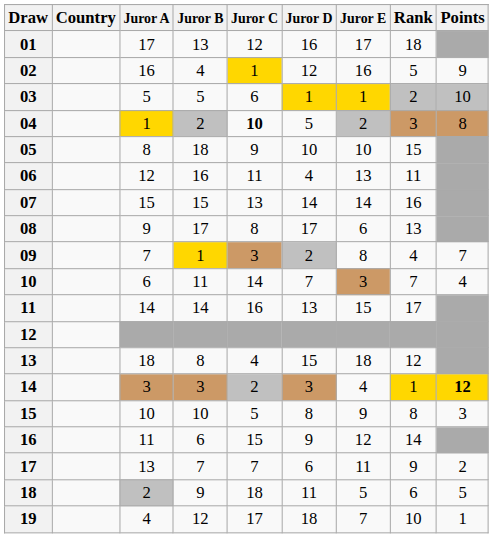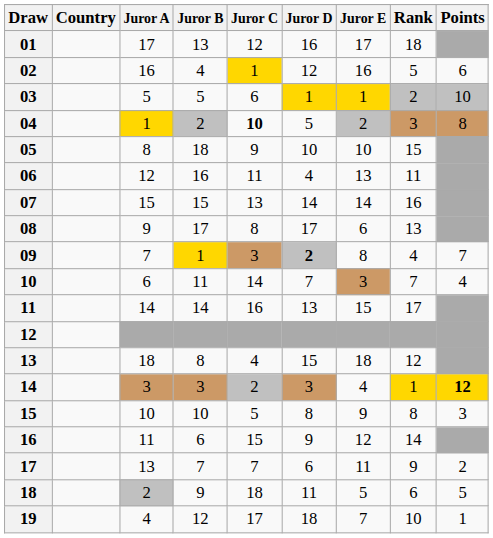 <table class="sortable wikitable collapsible plainrowheaders" style="text-align:center;">
 <tr>
 </tr>
 <tr>
 <th scope="col">Draw</th>
 <th scope="col">Country</th>
 <th scope="col"><small>Juror A</small></th>
 <th scope="col"><small>Juror B</small></th>
 <th scope="col"><small>Juror C</small></th>
 <th scope="col"><small>Juror D</small></th>
 <th scope="col"><small>Juror E</small></th>
 <th scope="col">Rank</th>
 <th scope="col">Points</th>
 </tr>
 <tr>
 <th scope="row" style="text-align:center;">01</th>
 <td style="text-align:left;"></td>
 <td>17</td>
 <td>13</td>
 <td>12</td>
 <td>16</td>
 <td>17</td>
 <td>18</td>
 <td style="background:#AAAAAA;"></td>
 </tr>
 <tr>
 <th scope="row" style="text-align:center;">02</th>
 <td style="text-align:left;"></td>
 <td>16</td>
 <td>4</td>
 <td style="background:gold;">1</td>
 <td>12</td>
 <td>16</td>
 <td>5</td>
-<td>9</td>
+<td>6</td>
 </tr>
 <tr>
 <th scope="row" style="text-align:center;">03</th>
 <td style="text-align:left;"></td>
 <td>5</td>
 <td>5</td>
 <td>6</td>
 <td style="background:gold;">1</td>
 <td style="background:gold;">1</td>
 <td style="background:silver;">2</td>
 <td style="background:silver;">10</td>
 </tr>
 <tr>
 <th scope="row" style="text-align:center;">04</th>
 <td style="text-align:left;"></td>
 <td style="background:gold;">1</td>
 <td style="background:silver;">2</td>
 <td><strong>10</strong></td>
 <td>5</td>
 <td style="background:silver;">2</td>
 <td style="background:#CC9966;">3</td>
 <td style="background:#CC9966;">8</td>
 </tr>
 <tr>
 <th scope="row" style="text-align:center;">05</th>
 <td style="text-align:left;"></td>
 <td>8</td>
 <td>18</td>
 <td>9</td>
 <td>10</td>
 <td>10</td>
 <td>15</td>
 <td style="background:#AAAAAA;"></td>
 </tr>
 <tr>
 <th scope="row" style="text-align:center;">06</th>
 <td style="text-align:left;"></td>
 <td>12</td>
 <td>16</td>
 <td>11</td>
 <td>4</td>
 <td>13</td>
 <td>11</td>
 <td style="background:#AAAAAA;"></td>
 </tr>
 <tr>
 <th scope="row" style="text-align:center;">07</th>
 <td style="text-align:left;"></td>
 <td>15</td>
 <td>15</td>
 <td>13</td>
 <td>14</td>
 <td>14</td>
 <td>16</td>
 <td style="background:#AAAAAA;"></td>
 </tr>
 <tr>
 <th scope="row" style="text-align:center;">08</th>
 <td style="text-align:left;"></td>
 <td>9</td>
 <td>17</td>
 <td>8</td>
 <td>17</td>
 <td>6</td>
 <td>13</td>
 <td style="background:#AAAAAA;"></td>
 </tr>
 <tr>
 <th scope="row" style="text-align:center;">09</th>
 <td style="text-align:left;"></td>
 <td>7</td>
 <td style="background:gold;">1</td>
 <td style="background:#CC9966;">3</td>
-<td style="background:silver;">2</td>
+<td style="background:silver;"><strong>2</strong></td>
 <td>8</td>
 <td>4</td>
 <td>7</td>
 </tr>
 <tr>
 <th scope="row" style="text-align:center;">10</th>
 <td style="text-align:left;"></td>
 <td>6</td>
 <td>11</td>
 <td>14</td>
 <td>7</td>
 <td style="background:#CC9966;">3</td>
 <td>7</td>
 <td>4</td>
 </tr>
 <tr>
 <th scope="row" style="text-align:center;">11</th>
 <td style="text-align:left;"></td>
 <td>14</td>
 <td>14</td>
 <td>16</td>
 <td>13</td>
 <td>15</td>
 <td>17</td>
 <td style="background:#AAAAAA;"></td>
 </tr>
 <tr class="sortbottom">
 <th scope="row" style="text-align:center;">12</th>
 <td style="text-align:left;"></td>
 <td style="background:#AAAAAA;"></td>
 <td style="background:#AAAAAA;"></td>
 <td style="background:#AAAAAA;"></td>
 <td style="background:#AAAAAA;"></td>
 <td style="background:#AAAAAA;"></td>
 <td style="background:#AAAAAA;"></td>
 <td style="background:#AAAAAA;"></td>
 </tr>
 <tr>
 <th scope="row" style="text-align:center;">13</th>
 <td style="text-align:left;"></td>
 <td>18</td>
 <td>8</td>
 <td>4</td>
 <td>15</td>
 <td>18</td>
 <td>12</td>
 <td style="background:#AAAAAA;"></td>
 </tr>
 <tr>
 <th scope="row" style="text-align:center;">14</th>
 <td style="text-align:left;"></td>
 <td style="background:#CC9966;">3</td>
 <td style="background:#CC9966;">3</td>
 <td style="background:silver;">2</td>
 <td style="background:#CC9966;">3</td>
 <td>4</td>
 <td style="background:gold;">1</td>
 <td style="background:gold;"><strong>12</strong></td>
 </tr>
 <tr>
 <th scope="row" style="text-align:center;">15</th>
 <td style="text-align:left;"></td>
 <td>10</td>
 <td>10</td>
 <td>5</td>
 <td>8</td>
 <td>9</td>
 <td>8</td>
 <td>3</td>
 </tr>
 <tr>
 <th scope="row" style="text-align:center;">16</th>
 <td style="text-align:left;"></td>
 <td>11</td>
 <td>6</td>
 <td>15</td>
 <td>9</td>
 <td>12</td>
 <td>14</td>
 <td style="background:#AAAAAA;"></td>
 </tr>
 <tr>
 <th scope="row" style="text-align:center;">17</th>
 <td style="text-align:left;"></td>
 <td>13</td>
 <td>7</td>
 <td>7</td>
 <td>6</td>
 <td>11</td>
 <td>9</td>
 <td>2</td>
 </tr>
 <tr>
 <th scope="row" style="text-align:center;">18</th>
 <td style="text-align:left;"></td>
 <td style="background:silver;">2</td>
 <td>9</td>
 <td>18</td>
 <td>11</td>
 <td>5</td>
 <td>6</td>
 <td>5</td>
 </tr>
 <tr>
 <th scope="row" style="text-align:center;">19</th>
 <td style="text-align:left;"></td>
 <td>4</td>
 <td>12</td>
 <td>17</td>
 <td>18</td>
 <td>7</td>
 <td>10</td>
 <td>1</td>
 </tr>
 </table>
